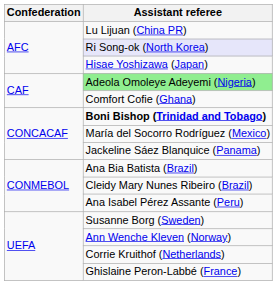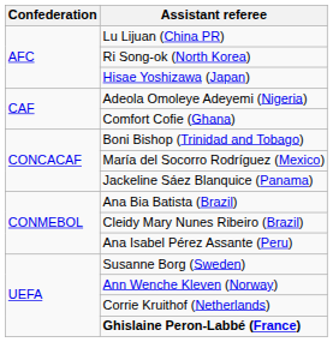 <table class="wikitable">
 <tr>
 <th>Confederation</th>
 <th>Assistant referee</th>
 </tr>
 <tr>
 <td rowspan="3"><a href='#'>AFC</a></td>
 <td>Lu Lijuan (<a href='#'>China PR</a>)</td>
 </tr>
 <tr>
-<td style="background: lavender;">Ri Song-ok (<a href='#'>North Korea</a>)</td>
+<td>Ri Song-ok (<a href='#'>North Korea</a>)</td>
 </tr>
 <tr>
 <td><a href='#'>Hisae Yoshizawa</a> (<a href='#'>Japan</a>)</td>
 </tr>
 <tr>
 <td rowspan="2"><a href='#'>CAF</a></td>
-<td style="background: lightgreen;">Adeola Omoleye Adeyemi (<a href='#'>Nigeria</a>)</td>
+<td>Adeola Omoleye Adeyemi (<a href='#'>Nigeria</a>)</td>
 </tr>
 <tr>
 <td>Comfort Cofie (<a href='#'>Ghana</a>)</td>
 </tr>
 <tr>
 <td rowspan="3"><a href='#'>CONCACAF</a></td>
-<td><strong>Boni Bishop (<a href='#'>Trinidad and Tobago</a>)</strong></td>
+<td>Boni Bishop (<a href='#'>Trinidad and Tobago</a>)</td>
 </tr>
 <tr>
 <td>María del Socorro Rodríguez (<a href='#'>Mexico</a>)</td>
 </tr>
 <tr>
 <td>Jackeline Sáez Blanquice (<a href='#'>Panama</a>)</td>
 </tr>
 <tr>
 <td rowspan="3"><a href='#'>CONMEBOL</a></td>
 <td>Ana Bia Batista (<a href='#'>Brazil</a>)</td>
 </tr>
 <tr>
 <td>Cleidy Mary Nunes Ribeiro (<a href='#'>Brazil</a>)</td>
 </tr>
 <tr>
 <td>Ana Isabel Pérez Assante (<a href='#'>Peru</a>)</td>
 </tr>
 <tr>
 <td rowspan="4"><a href='#'>UEFA</a></td>
 <td>Susanne Borg (<a href='#'>Sweden</a>)</td>
 </tr>
 <tr>
 <td><a href='#'>Ann Wenche Kleven</a> (<a href='#'>Norway</a>)</td>
 </tr>
 <tr>
 <td>Corrie Kruithof (<a href='#'>Netherlands</a>)</td>
 </tr>
 <tr>
-<td>Ghislaine Peron-Labbé (<a href='#'>France</a>)</td>
+<td><strong>Ghislaine Peron-Labbé (<a href='#'>France</a>)</strong></td>
 </tr>
 </table>
